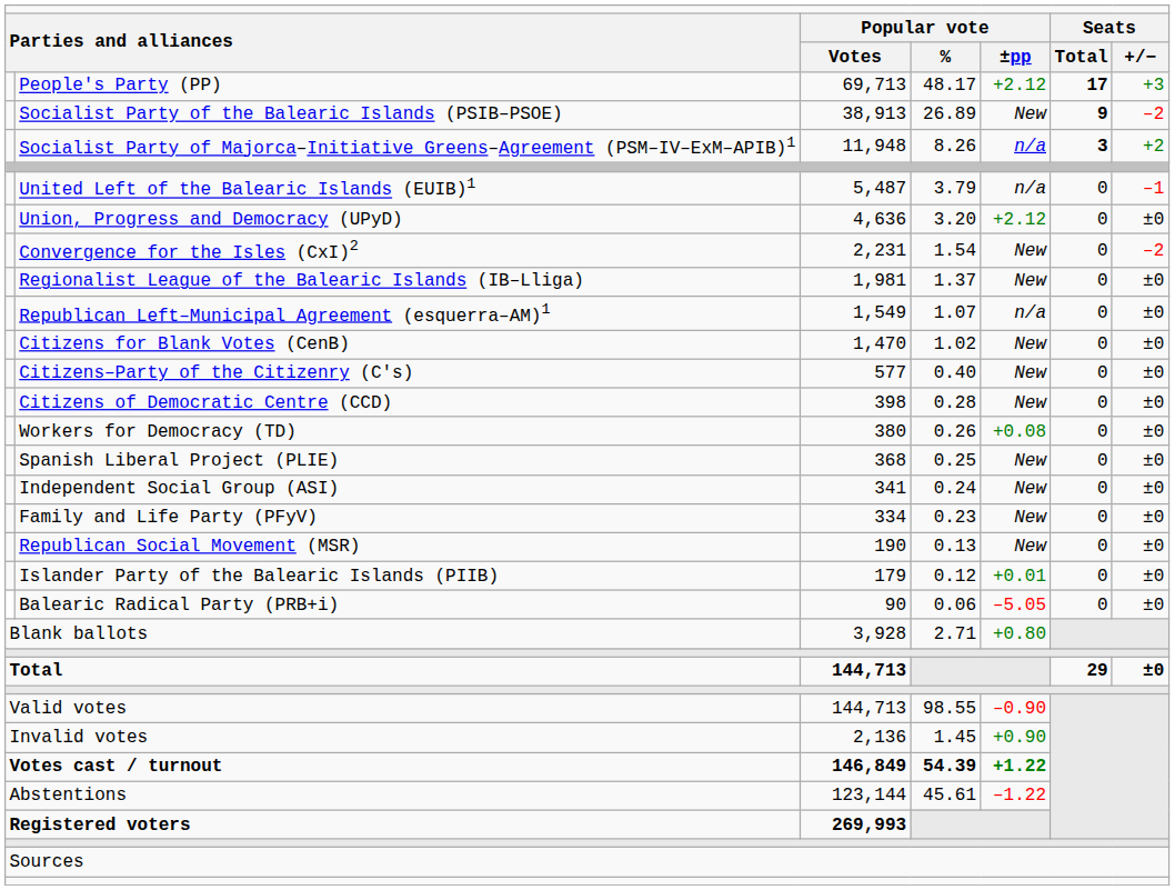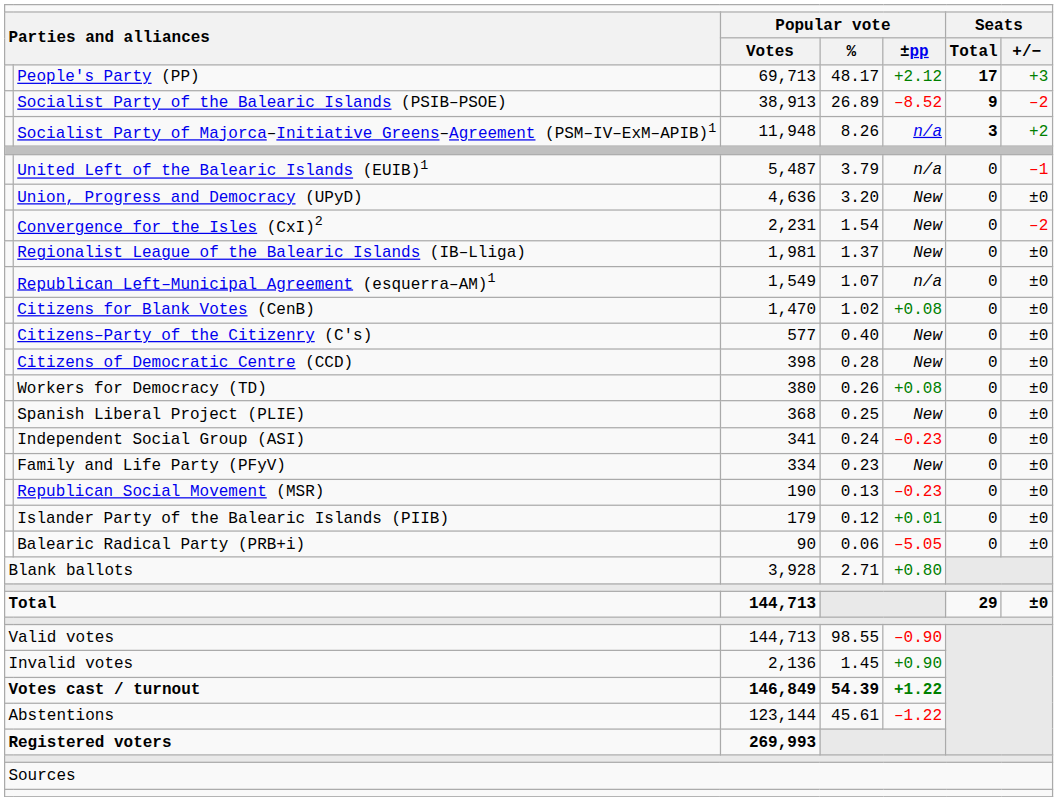 <table class="wikitable" style="text-align:right;">
 <tr>
 <td colspan="7"></td>
 </tr>
 <tr>
 <th style="text-align:left;" rowspan="2" colspan="2" width="525">Parties and alliances</th>
 <th colspan="3">Popular vote</th>
 <th colspan="2">Seats</th>
 </tr>
 <tr>
 <th width="75">Votes</th>
 <th width="45">%</th>
 <th width="45">±<a href='#'>pp</a></th>
 <th width="35">Total</th>
 <th width="35">+/−</th>
 </tr>
 <tr>
 <td width="1" style="color:inherit;background:"></td>
 <td align="left"><a href='#'>People's Party</a> (PP)</td>
 <td>69,713</td>
 <td>48.17</td>
 <td style="color:green;">+2.12</td>
 <td><strong>17</strong></td>
 <td style="color:green;">+3</td>
 </tr>
 <tr>
 <td style="color:inherit;background:"></td>
 <td align="left"><a href='#'>Socialist Party of the Balearic Islands</a> (PSIB–PSOE)</td>
 <td>38,913</td>
 <td>26.89</td>
-<td><em>New</em></td>
+<td style="color:red;">–8.52</td>
 <td><strong>9</strong></td>
 <td style="color:red;">–2</td>
 </tr>
 <tr>
 <td style="color:inherit;background:"></td>
 <td align="left"><a href='#'>Socialist Party of Majorca</a>–<a href='#'>Initiative Greens</a>–<a href='#'>Agreement</a> (PSM–IV–ExM–APIB)<sup>1</sup></td>
 <td>11,948</td>
 <td>8.26</td>
 <td><em><a href='#'>n/a</a></em></td>
 <td><strong>3</strong></td>
 <td style="color:green;">+2</td>
 </tr>
 <tr>
 <td colspan="7" style="color:inherit;background:#C0C0C0"></td>
 </tr>
 <tr>
 <td style="color:inherit;background:"></td>
 <td align="left"><a href='#'>United Left of the Balearic Islands</a> (EUIB)<sup>1</sup></td>
 <td>5,487</td>
 <td>3.79</td>
 <td><em>n/a</em></td>
 <td>0</td>
 <td style="color:red;">–1</td>
 </tr>
 <tr>
 <td style="color:inherit;background:"></td>
 <td align="left"><a href='#'>Union, Progress and Democracy</a> (UPyD)</td>
 <td>4,636</td>
 <td>3.20</td>
-<td style="color:green;">+2.12</td>
+<td><em>New</em></td>
 <td>0</td>
 <td>±0</td>
 </tr>
 <tr>
 <td style="color:inherit;background:"></td>
 <td align="left"><a href='#'>Convergence for the Isles</a> (CxI)<sup>2</sup></td>
 <td>2,231</td>
 <td>1.54</td>
 <td><em>New</em></td>
 <td>0</td>
 <td style="color:red;">–2</td>
 </tr>
 <tr>
 <td style="color:inherit;background:"></td>
 <td align="left"><a href='#'>Regionalist League of the Balearic Islands</a> (IB–Lliga)</td>
 <td>1,981</td>
 <td>1.37</td>
 <td><em>New</em></td>
 <td>0</td>
 <td>±0</td>
 </tr>
 <tr>
 <td style="color:inherit;background:"></td>
 <td align="left"><a href='#'>Republican Left–Municipal Agreement</a> (esquerra–AM)<sup>1</sup></td>
 <td>1,549</td>
 <td>1.07</td>
 <td><em>n/a</em></td>
 <td>0</td>
 <td>±0</td>
 </tr>
 <tr>
 <td style="color:inherit;background:"></td>
 <td align="left"><a href='#'>Citizens for Blank Votes</a> (CenB)</td>
 <td>1,470</td>
 <td>1.02</td>
-<td><em>New</em></td>
+<td style="color:green;">+0.08</td>
 <td>0</td>
 <td>±0</td>
 </tr>
 <tr>
 <td style="color:inherit;background:"></td>
 <td align="left"><a href='#'>Citizens–Party of the Citizenry</a> (C's)</td>
 <td>577</td>
 <td>0.40</td>
 <td><em>New</em></td>
 <td>0</td>
 <td>±0</td>
 </tr>
 <tr>
 <td style="color:inherit;background:"></td>
 <td align="left"><a href='#'>Citizens of Democratic Centre</a> (CCD)</td>
 <td>398</td>
 <td>0.28</td>
 <td><em>New</em></td>
 <td>0</td>
 <td>±0</td>
 </tr>
 <tr>
 <td style="color:inherit;background:"></td>
 <td align="left">Workers for Democracy (TD)</td>
 <td>380</td>
 <td>0.26</td>
 <td style="color:green;">+0.08</td>
 <td>0</td>
 <td>±0</td>
 </tr>
 <tr>
 <td style="color:inherit;background:"></td>
 <td align="left">Spanish Liberal Project (PLIE)</td>
 <td>368</td>
 <td>0.25</td>
 <td><em>New</em></td>
 <td>0</td>
 <td>±0</td>
 </tr>
 <tr>
 <td style="color:inherit;background:"></td>
 <td align="left">Independent Social Group (ASI)</td>
 <td>341</td>
 <td>0.24</td>
-<td><em>New</em></td>
+<td style="color:red;">–0.23</td>
 <td>0</td>
 <td>±0</td>
 </tr>
 <tr>
 <td style="color:inherit;background:"></td>
 <td align="left">Family and Life Party (PFyV)</td>
 <td>334</td>
 <td>0.23</td>
 <td><em>New</em></td>
 <td>0</td>
 <td>±0</td>
 </tr>
 <tr>
 <td style="color:inherit;background:"></td>
 <td align="left"><a href='#'>Republican Social Movement</a> (MSR)</td>
 <td>190</td>
 <td>0.13</td>
-<td><em>New</em></td>
+<td style="color:red;">–0.23</td>
 <td>0</td>
 <td>±0</td>
 </tr>
 <tr>
 <td style="color:inherit;background:"></td>
 <td align="left">Islander Party of the Balearic Islands (PIIB)</td>
 <td>179</td>
 <td>0.12</td>
 <td style="color:green;">+0.01</td>
 <td>0</td>
 <td>±0</td>
 </tr>
 <tr>
 <td bgcolor="white"></td>
 <td align="left">Balearic Radical Party (PRB+i)</td>
 <td>90</td>
 <td>0.06</td>
 <td style="color:red;">–5.05</td>
 <td>0</td>
 <td>±0</td>
 </tr>
 <tr>
 <td align="left" colspan="2">Blank ballots</td>
 <td>3,928</td>
 <td>2.71</td>
 <td style="color:green;">+0.80</td>
 <td style="color:inherit;background:#E9E9E9" colspan="2"></td>
 </tr>
 <tr>
 <td colspan="7" style="color:inherit;background:#E9E9E9"></td>
 </tr>
 <tr style="font-weight:bold;">
 <td align="left" colspan="2">Total</td>
 <td>144,713</td>
 <td bgcolor="#E9E9E9" colspan="2"></td>
 <td>29</td>
 <td>±0</td>
 </tr>
 <tr>
 <td colspan="7" style="color:inherit;background:#E9E9E9"></td>
 </tr>
 <tr>
 <td align="left" colspan="2">Valid votes</td>
 <td>144,713</td>
 <td>98.55</td>
 <td style="color:red;">–0.90</td>
 <td bgcolor="#E9E9E9" colspan="2" rowspan="5"></td>
 </tr>
 <tr>
 <td align="left" colspan="2">Invalid votes</td>
 <td>2,136</td>
 <td>1.45</td>
 <td style="color:green;">+0.90</td>
 </tr>
 <tr style="font-weight:bold;">
 <td align="left" colspan="2">Votes cast / turnout</td>
 <td>146,849</td>
 <td>54.39</td>
 <td style="color:green;">+1.22</td>
 </tr>
 <tr>
 <td align="left" colspan="2">Abstentions</td>
 <td>123,144</td>
 <td>45.61</td>
 <td style="color:red;">–1.22</td>
 </tr>
 <tr style="font-weight:bold;">
 <td align="left" colspan="2">Registered voters</td>
 <td>269,993</td>
 <td bgcolor="#E9E9E9" colspan="2"></td>
 </tr>
 <tr>
 <td colspan="7" style="color:inherit;background:#E9E9E9"></td>
 </tr>
 <tr>
 <td align="left" colspan="7">Sources</td>
 </tr>
 <tr>
 <td colspan="7" style="text-align:left; max-width:790px;"></td>
 </tr>
 </table>
